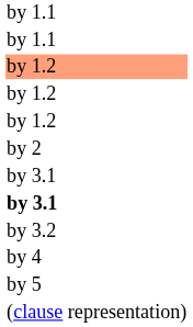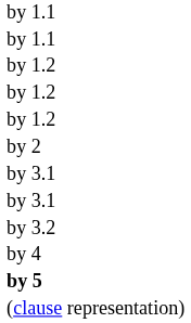 <table>
 <tr>
 <td></td>
 <td></td>
 <td></td>
 <td></td>
 <td></td>
 <td></td>
 <td></td>
 <td></td>
 <td></td>
 <td></td>
 <td></td>
 <td></td>
 <td></td>
 <td></td>
 <td></td>
 <td></td>
 <td></td>
 <td></td>
 <td></td>
 <td></td>
 <td></td>
 <td></td>
 <td></td>
 <td></td>
 <td></td>
 <td></td>
 <td></td>
 <td></td>
 <td></td>
 <td></td>
 <td></td>
 <td></td>
 <td></td>
 <td></td>
 <td></td>
 <td></td>
 <td></td>
 </tr>
 <tr>
 <td></td>
 <td></td>
 <td></td>
 <td></td>
 <td></td>
 <td></td>
 <td></td>
 <td></td>
 <td></td>
 <td></td>
 <td></td>
 <td></td>
 <td></td>
 <td></td>
 <td></td>
 <td></td>
 <td></td>
 <td></td>
 <td></td>
 <td></td>
 <td></td>
 <td></td>
 <td></td>
 <td></td>
 <td></td>
 <td></td>
 <td></td>
 <td></td>
 <td></td>
 <td></td>
 <td></td>
 <td></td>
 <td></td>
 <td></td>
 <td></td>
 <td></td>
 <td>by 1.1</td>
 </tr>
 <tr>
 <td></td>
 <td></td>
 <td></td>
 <td></td>
 <td></td>
 <td></td>
 <td></td>
 <td></td>
 <td></td>
 <td></td>
 <td></td>
 <td></td>
 <td></td>
 <td></td>
 <td></td>
 <td></td>
 <td></td>
 <td></td>
 <td></td>
 <td></td>
 <td></td>
 <td></td>
 <td></td>
 <td></td>
 <td></td>
 <td></td>
 <td></td>
 <td></td>
 <td></td>
 <td></td>
 <td></td>
 <td></td>
 <td></td>
 <td></td>
 <td></td>
 <td></td>
 <td>by 1.1</td>
 </tr>
 <tr>
 <td></td>
 <td></td>
 <td></td>
 <td></td>
 <td></td>
 <td></td>
 <td></td>
 <td></td>
 <td></td>
 <td></td>
 <td></td>
 <td></td>
 <td></td>
 <td></td>
 <td></td>
 <td></td>
 <td></td>
 <td></td>
 <td></td>
 <td></td>
 <td></td>
 <td></td>
 <td></td>
 <td></td>
 <td></td>
 <td></td>
 <td></td>
 <td></td>
 <td></td>
 <td></td>
 <td></td>
 <td></td>
 <td></td>
 <td></td>
 <td></td>
 <td></td>
-<td style="background: lightsalmon;">by 1.2</td>
+<td>by 1.2</td>
 </tr>
 <tr>
 <td></td>
 <td></td>
 <td></td>
 <td></td>
 <td></td>
 <td></td>
 <td></td>
 <td></td>
 <td></td>
 <td></td>
 <td></td>
 <td></td>
 <td></td>
 <td></td>
 <td></td>
 <td></td>
 <td></td>
 <td></td>
 <td></td>
 <td></td>
 <td></td>
 <td></td>
 <td></td>
 <td></td>
 <td></td>
 <td></td>
 <td></td>
 <td></td>
 <td></td>
 <td></td>
 <td></td>
 <td></td>
 <td></td>
 <td></td>
 <td></td>
 <td></td>
 <td>by 1.2</td>
 </tr>
 <tr>
 <td></td>
 <td></td>
 <td></td>
 <td></td>
 <td></td>
 <td></td>
 <td></td>
 <td></td>
 <td></td>
 <td></td>
 <td></td>
 <td></td>
 <td></td>
 <td></td>
 <td></td>
 <td></td>
 <td></td>
 <td></td>
 <td></td>
 <td></td>
 <td></td>
 <td></td>
 <td></td>
 <td></td>
 <td></td>
 <td></td>
 <td></td>
 <td></td>
 <td></td>
 <td></td>
 <td></td>
 <td></td>
 <td></td>
 <td></td>
 <td></td>
 <td></td>
 <td>by 1.2</td>
 </tr>
 <tr>
 <td></td>
 <td></td>
 <td></td>
 <td></td>
 <td></td>
 <td></td>
 <td></td>
 <td></td>
 <td></td>
 <td></td>
 <td></td>
 <td></td>
 <td></td>
 <td></td>
 <td></td>
 <td></td>
 <td></td>
 <td></td>
 <td></td>
 <td></td>
 <td></td>
 <td></td>
 <td></td>
 <td></td>
 <td></td>
 <td></td>
 <td></td>
 <td></td>
 <td></td>
 <td></td>
 <td></td>
 <td></td>
 <td></td>
 <td></td>
 <td></td>
 <td></td>
 <td>by 2</td>
 </tr>
 <tr>
 <td></td>
 <td></td>
 <td></td>
 <td></td>
 <td></td>
 <td></td>
 <td></td>
 <td></td>
 <td></td>
 <td></td>
 <td></td>
 <td></td>
 <td></td>
 <td></td>
 <td></td>
 <td></td>
 <td></td>
 <td></td>
 <td></td>
 <td></td>
 <td></td>
 <td></td>
 <td></td>
 <td></td>
 <td></td>
 <td></td>
 <td></td>
 <td></td>
 <td></td>
 <td></td>
 <td></td>
 <td></td>
 <td></td>
 <td></td>
 <td></td>
 <td></td>
 <td>by 3.1</td>
 </tr>
 <tr>
 <td></td>
 <td></td>
 <td></td>
 <td></td>
 <td></td>
 <td></td>
 <td></td>
 <td></td>
 <td></td>
 <td></td>
 <td></td>
 <td></td>
 <td></td>
 <td></td>
 <td></td>
 <td></td>
 <td></td>
 <td></td>
 <td></td>
 <td></td>
 <td></td>
 <td></td>
 <td></td>
 <td></td>
 <td></td>
 <td></td>
 <td></td>
 <td></td>
 <td></td>
 <td></td>
 <td></td>
 <td></td>
 <td></td>
 <td></td>
 <td></td>
 <td></td>
-<td><strong>by 3.1</strong></td>
+<td>by 3.1</td>
 </tr>
 <tr>
 <td></td>
 <td></td>
 <td></td>
 <td></td>
 <td></td>
 <td></td>
 <td></td>
 <td></td>
 <td></td>
 <td></td>
 <td></td>
 <td></td>
 <td></td>
 <td></td>
 <td></td>
 <td></td>
 <td></td>
 <td></td>
 <td></td>
 <td></td>
 <td></td>
 <td></td>
 <td></td>
 <td></td>
 <td></td>
 <td></td>
 <td></td>
 <td></td>
 <td></td>
 <td></td>
 <td></td>
 <td></td>
 <td></td>
 <td></td>
 <td></td>
 <td></td>
 <td>by 3.2</td>
 </tr>
 <tr>
 <td></td>
 <td></td>
 <td></td>
 <td></td>
 <td></td>
 <td></td>
 <td></td>
 <td></td>
 <td></td>
 <td></td>
 <td></td>
 <td></td>
 <td></td>
 <td></td>
 <td></td>
 <td></td>
 <td></td>
 <td></td>
 <td></td>
 <td></td>
 <td></td>
 <td></td>
 <td></td>
 <td></td>
 <td></td>
 <td></td>
 <td></td>
 <td></td>
 <td></td>
 <td></td>
 <td></td>
 <td></td>
 <td></td>
 <td></td>
 <td></td>
 <td></td>
 <td>by 4</td>
 </tr>
 <tr>
 <td></td>
 <td></td>
 <td></td>
 <td></td>
 <td></td>
 <td></td>
 <td></td>
 <td></td>
 <td></td>
 <td></td>
 <td></td>
 <td></td>
 <td></td>
 <td></td>
 <td></td>
 <td></td>
 <td></td>
 <td></td>
 <td></td>
 <td></td>
 <td></td>
 <td></td>
 <td></td>
 <td></td>
 <td></td>
 <td></td>
 <td></td>
 <td></td>
 <td></td>
 <td></td>
 <td></td>
 <td></td>
 <td></td>
 <td></td>
 <td></td>
 <td></td>
-<td>by 5</td>
+<td><strong>by 5</strong></td>
 </tr>
 <tr>
 <td></td>
 <td></td>
 <td></td>
 <td></td>
 <td></td>
 <td></td>
 <td></td>
 <td></td>
 <td></td>
 <td></td>
 <td></td>
 <td></td>
 <td></td>
 <td></td>
 <td></td>
 <td></td>
 <td></td>
 <td></td>
 <td></td>
 <td></td>
 <td></td>
 <td></td>
 <td></td>
 <td></td>
 <td></td>
 <td></td>
 <td></td>
 <td></td>
 <td></td>
 <td></td>
 <td></td>
 <td></td>
 <td></td>
 <td></td>
 <td></td>
 <td></td>
 <td>(<a href='#'>clause</a> representation)</td>
 </tr>
 </table>
